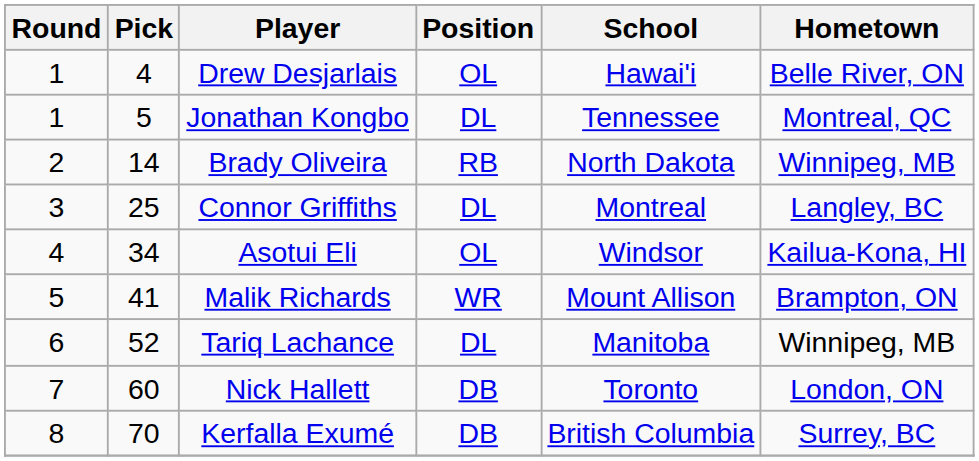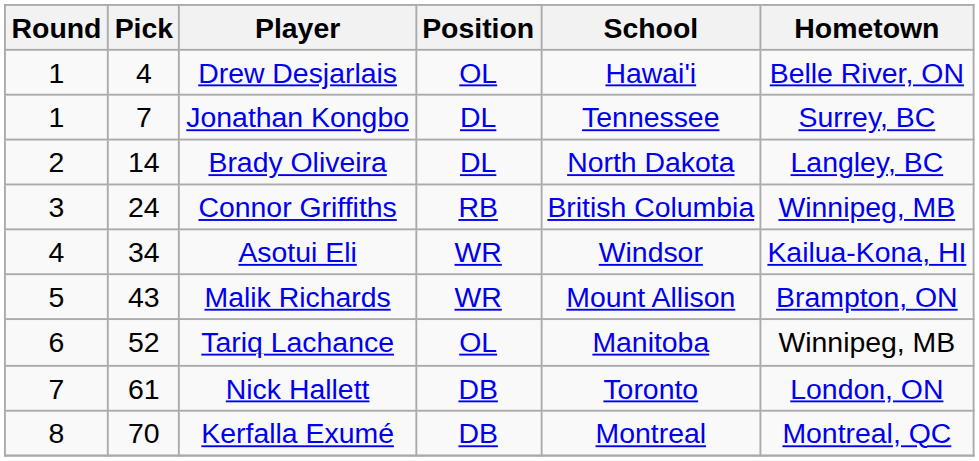 <table class="wikitable" style="font-size: 95%;">
 <tr>
 <th scope="col">Round</th>
 <th scope="col">Pick</th>
 <th scope="col">Player</th>
 <th scope="col">Position</th>
 <th scope="col">School</th>
 <th scope="col">Hometown</th>
 </tr>
 <tr align="center">
 <td align=center>1</td>
 <td>4</td>
 <td><a href='#'>Drew Desjarlais</a></td>
 <td><a href='#'>OL</a></td>
 <td><a href='#'>Hawai'i</a></td>
 <td><a href='#'>Belle River, ON</a></td>
 </tr>
 <tr align="center">
 <td align=center>1</td>
-<td>5</td>
+<td>7</td>
 <td><a href='#'>Jonathan Kongbo</a></td>
 <td><a href='#'>DL</a></td>
 <td><a href='#'>Tennessee</a></td>
-<td><a href='#'>Montreal, QC</a></td>
+<td><a href='#'>Surrey, BC</a></td>
 </tr>
 <tr align="center">
 <td align=center>2</td>
 <td>14</td>
 <td><a href='#'>Brady Oliveira</a></td>
-<td><a href='#'>RB</a></td>
+<td><a href='#'>DL</a></td>
 <td><a href='#'>North Dakota</a></td>
-<td><a href='#'>Winnipeg, MB</a></td>
+<td><a href='#'>Langley, BC</a></td>
 </tr>
 <tr align="center">
 <td align=center>3</td>
-<td>25</td>
+<td>24</td>
 <td><a href='#'>Connor Griffiths</a></td>
-<td><a href='#'>DL</a></td>
-<td><a href='#'>Montreal</a></td>
-<td><a href='#'>Langley, BC</a></td>
+<td><a href='#'>RB</a></td>
+<td><a href='#'>British Columbia</a></td>
+<td><a href='#'>Winnipeg, MB</a></td>
 </tr>
 <tr align="center">
 <td align=center>4</td>
 <td>34</td>
 <td><a href='#'>Asotui Eli</a></td>
-<td><a href='#'>OL</a></td>
+<td><a href='#'>WR</a></td>
 <td><a href='#'>Windsor</a></td>
 <td><a href='#'>Kailua-Kona, HI</a></td>
 </tr>
 <tr align="center">
 <td align=center>5</td>
-<td>41</td>
+<td>43</td>
 <td><a href='#'>Malik Richards</a></td>
 <td><a href='#'>WR</a></td>
 <td><a href='#'>Mount Allison</a></td>
 <td><a href='#'>Brampton, ON</a></td>
 </tr>
 <tr align="center">
 <td align=center>6</td>
 <td>52</td>
 <td><a href='#'>Tariq Lachance</a></td>
-<td><a href='#'>DL</a></td>
+<td><a href='#'>OL</a></td>
 <td><a href='#'>Manitoba</a></td>
 <td>Winnipeg, MB</td>
 </tr>
 <tr align="center">
 <td align=center>7</td>
-<td>60</td>
+<td>61</td>
 <td><a href='#'>Nick Hallett</a></td>
 <td><a href='#'>DB</a></td>
 <td><a href='#'>Toronto</a></td>
 <td><a href='#'>London, ON</a></td>
 </tr>
 <tr align="center">
 <td align=center>8</td>
 <td>70</td>
 <td><a href='#'>Kerfalla Exumé</a></td>
 <td><a href='#'>DB</a></td>
-<td><a href='#'>British Columbia</a></td>
-<td><a href='#'>Surrey, BC</a></td>
+<td><a href='#'>Montreal</a></td>
+<td><a href='#'>Montreal, QC</a></td>
 </tr>
 <tr>
 </tr>
 </table>
